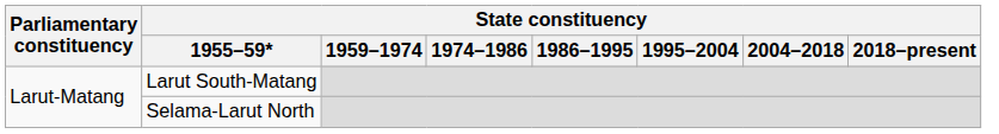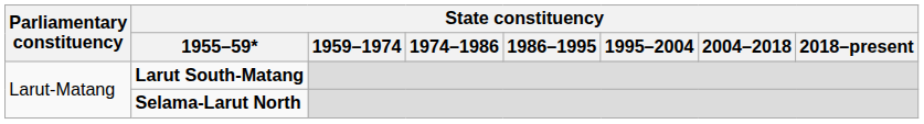 <table class="wikitable">
 <tr>
 <th rowspan="2">Parliamentary<br>constituency</th>
 <th colspan="7">State constituency</th>
 </tr>
 <tr>
 <th>1955–59*</th>
 <th>1959–1974</th>
 <th>1974–1986</th>
 <th>1986–1995</th>
 <th>1995–2004</th>
 <th>2004–2018</th>
 <th>2018–present</th>
 </tr>
 <tr>
 <td rowspan="2">Larut-Matang</td>
-<td>Larut South-Matang</td>
+<td><strong>Larut South-Matang</strong></td>
 <td colspan="6" bgcolor="dcdcdc"></td>
 </tr>
 <tr>
-<td>Selama-Larut North</td>
+<td><strong>Selama-Larut North</strong></td>
 <td colspan="6" bgcolor="dcdcdc"></td>
 </tr>
 </table>
